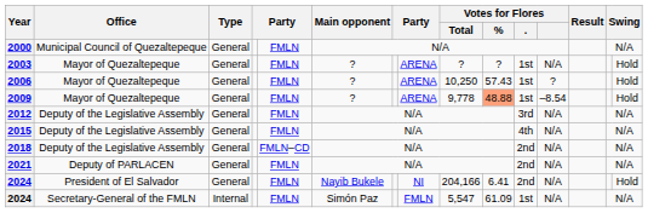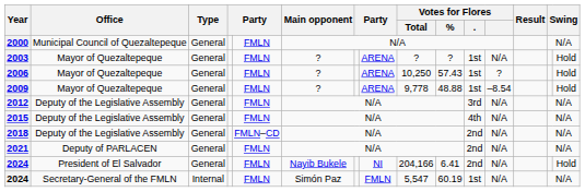 <table class="wikitable" style="font-size:90%; text-align:center;">
 <tr>
 <th rowspan="2">Year</th>
 <th rowspan="2">Office</th>
 <th rowspan="2">Type</th>
 <th colspan="2" rowspan="2">Party</th>
 <th rowspan="2">Main opponent</th>
 <th colspan="2" rowspan="2">Party</th>
 <th colspan="4">Votes for Flores</th>
 <th rowspan="2">Result</th>
 <th colspan="2" rowspan="2">Swing</th>
 </tr>
 <tr>
 <th>Total</th>
 <th>%</th>
 <th>.</th>
 <th></th>
 </tr>
 <tr>
 <th><a href='#'>2000</a></th>
 <td>Municipal Council of Quezaltepeque</td>
 <td>General</td>
 <td style="background-color:"></td>
 <td><a href='#'>FMLN</a></td>
 <td colspan="7">N/A</td>
 <td></td>
 <td colspan="2">N/A</td>
 </tr>
 <tr>
 <th><a href='#'>2003</a></th>
 <td>Mayor of Quezaltepeque</td>
 <td>General</td>
 <td style="background-color:"></td>
 <td><a href='#'>FMLN</a></td>
 <td>?</td>
 <td style="background-color:"></td>
 <td><a href='#'>ARENA</a></td>
 <td>?</td>
 <td>?</td>
 <td>1st</td>
 <td>N/A</td>
 <td></td>
 <td style="background-color:"></td>
 <td>Hold</td>
 </tr>
 <tr>
 <th><a href='#'>2006</a></th>
 <td>Mayor of Quezaltepeque</td>
 <td>General</td>
 <td style="background-color:"></td>
 <td><a href='#'>FMLN</a></td>
 <td>?</td>
 <td style="background-color:"></td>
 <td><a href='#'>ARENA</a></td>
 <td>10,250</td>
 <td>57.43</td>
 <td>1st</td>
 <td>?</td>
 <td></td>
 <td style="background-color:"></td>
 <td>Hold</td>
 </tr>
 <tr>
 <th><a href='#'>2009</a></th>
 <td>Mayor of Quezaltepeque</td>
 <td>General</td>
 <td style="background-color:"></td>
 <td><a href='#'>FMLN</a></td>
 <td>?</td>
 <td style="background-color:"></td>
 <td><a href='#'>ARENA</a></td>
 <td>9,778</td>
-<td style="background: lightsalmon;">48.88</td>
+<td>48.88</td>
 <td>1st</td>
 <td>–8.54</td>
 <td></td>
 <td style="background-color:"></td>
 <td>Hold</td>
 </tr>
 <tr>
 <th><a href='#'>2012</a></th>
 <td>Deputy of the Legislative Assembly</td>
 <td>General</td>
 <td style="background-color:"></td>
 <td><a href='#'>FMLN</a></td>
 <td colspan="5">N/A</td>
 <td>3rd</td>
 <td>N/A</td>
 <td></td>
 <td colspan="2">N/A</td>
 </tr>
 <tr>
 <th><a href='#'>2015</a></th>
 <td>Deputy of the Legislative Assembly</td>
 <td>General</td>
 <td style="background-color:"></td>
 <td><a href='#'>FMLN</a></td>
 <td colspan="5">N/A</td>
 <td>4th</td>
 <td>N/A</td>
 <td></td>
 <td colspan="2">N/A</td>
 </tr>
 <tr>
 <th><a href='#'>2018</a></th>
 <td>Deputy of the Legislative Assembly</td>
 <td>General</td>
 <td style="background-color:"></td>
 <td><a href='#'>FMLN</a>–<a href='#'>CD</a></td>
 <td colspan="5">N/A</td>
 <td>2nd</td>
 <td>N/A</td>
 <td></td>
 <td colspan="2">N/A</td>
 </tr>
 <tr>
 <th><a href='#'>2021</a></th>
 <td>Deputy of PARLACEN</td>
 <td>General</td>
 <td style="background-color:"></td>
 <td><a href='#'>FMLN</a></td>
 <td colspan="5">N/A</td>
 <td>2nd</td>
 <td>N/A</td>
 <td></td>
 <td colspan="2">N/A</td>
 </tr>
 <tr>
 <th><a href='#'>2024</a></th>
 <td>President of El Salvador</td>
 <td>General</td>
 <td style="background-color:"></td>
 <td><a href='#'>FMLN</a></td>
 <td><a href='#'>Nayib Bukele</a></td>
 <td style="background-color:"></td>
 <td><a href='#'>NI</a></td>
 <td>204,166</td>
 <td>6.41</td>
 <td>2nd</td>
 <td>N/A</td>
 <td></td>
 <td style="background-color:"></td>
 <td>Hold</td>
 </tr>
 <tr>
 <th>2024</th>
 <td>Secretary-General of the FMLN</td>
 <td>Internal</td>
 <td style="background-color:"></td>
 <td><a href='#'>FMLN</a></td>
 <td>Simón Paz</td>
 <td style="background-color:"></td>
 <td><a href='#'>FMLN</a></td>
 <td>5,547</td>
-<td>61.09</td>
+<td>60.19</td>
 <td>1st</td>
 <td>N/A</td>
 <td></td>
 <td colspan="2">N/A</td>
 </tr>
 </table>
